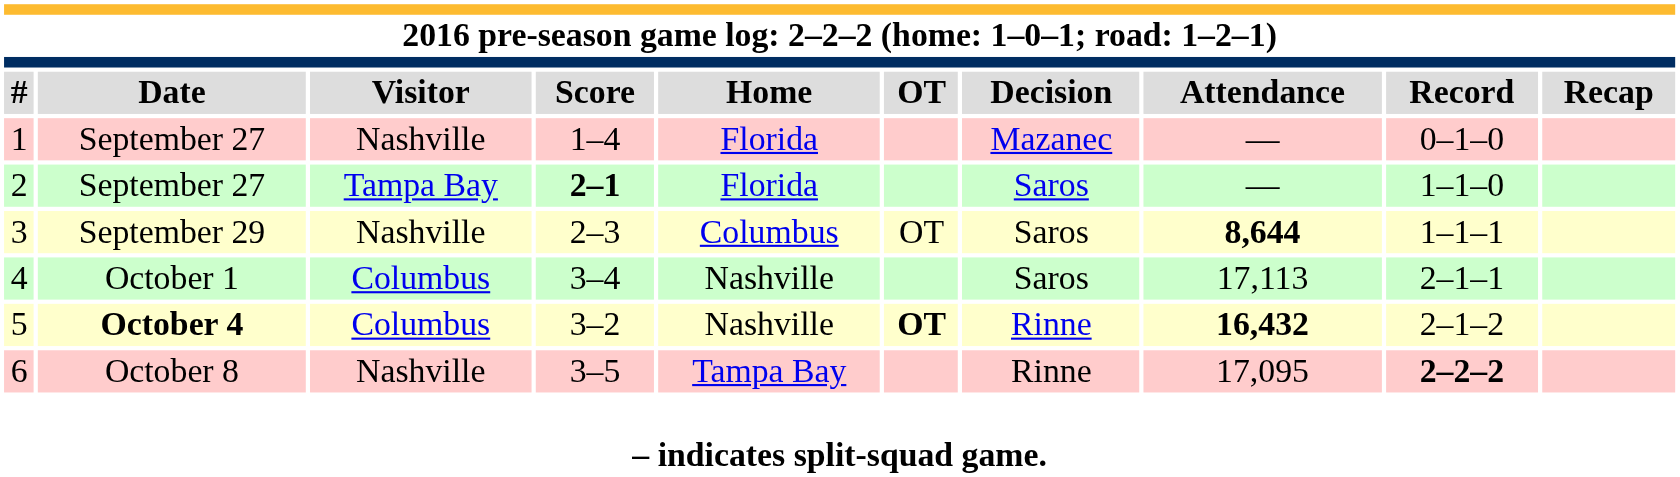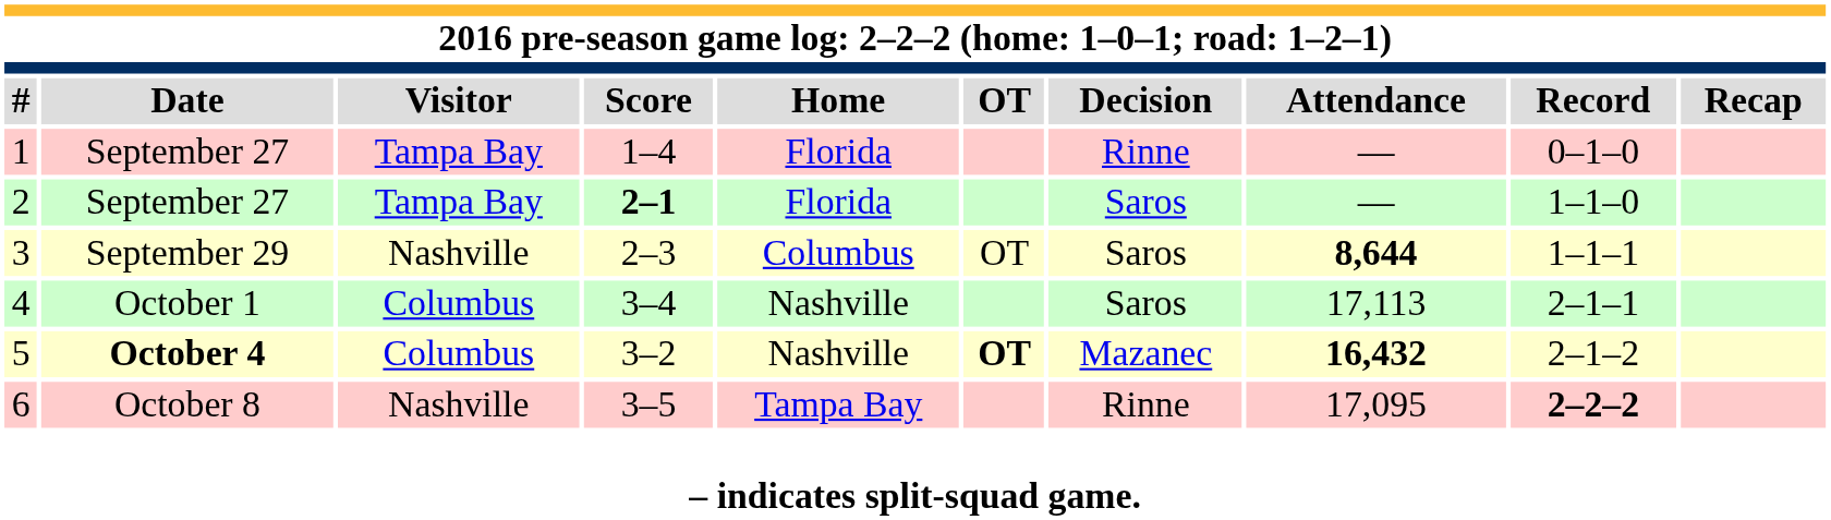 <table class="toccolours collapsible collapsed" style="width:90%; clear:both; margin:1.5em auto; text-align:center;">
 <tr>
 <th colspan=11 style="background:#fff; border-top:#FDBB30 5px solid; border-bottom:#002D62 5px solid;">2016 pre-season game log: 2–2–2 (home: 1–0–1; road: 1–2–1) </th>
 </tr>
 <tr style="background:#ddd;">
 <th>#</th>
 <th>Date</th>
 <th>Visitor</th>
 <th>Score</th>
 <th>Home</th>
 <th>OT</th>
 <th>Decision</th>
 <th>Attendance</th>
 <th>Record</th>
 <th>Recap</th>
 </tr>
 <tr style="background:#fcc;">
 <td>1</td>
 <td>September 27</td>
-<td>Nashville</td>
+<td><a href='#'>Tampa Bay</a></td>
 <td>1–4</td>
 <td><a href='#'>Florida</a></td>
 <td></td>
-<td><a href='#'>Mazanec</a></td>
+<td><a href='#'>Rinne</a></td>
 <td>—</td>
 <td>0–1–0</td>
 <td></td>
 </tr>
 <tr style="background:#cfc;">
 <td>2</td>
 <td>September 27</td>
 <td><a href='#'>Tampa Bay</a></td>
 <td><strong>2–1</strong></td>
 <td><a href='#'>Florida</a></td>
 <td></td>
 <td><a href='#'>Saros</a></td>
 <td>—</td>
 <td>1–1–0</td>
 <td></td>
 </tr>
 <tr style="background:#ffc;">
 <td>3</td>
 <td>September 29</td>
 <td>Nashville</td>
 <td>2–3</td>
 <td><a href='#'>Columbus</a></td>
 <td>OT</td>
 <td>Saros</td>
 <td><strong>8,644</strong></td>
 <td>1–1–1</td>
 <td></td>
 </tr>
 <tr style="background:#cfc;">
 <td>4</td>
 <td>October 1</td>
 <td><a href='#'>Columbus</a></td>
 <td>3–4</td>
 <td>Nashville</td>
 <td></td>
 <td>Saros</td>
 <td>17,113</td>
 <td>2–1–1</td>
 <td></td>
 </tr>
 <tr style="background:#ffc;">
 <td>5</td>
 <td><strong>October 4</strong></td>
 <td><a href='#'>Columbus</a></td>
 <td>3–2</td>
 <td>Nashville</td>
 <td><strong>OT</strong></td>
-<td><a href='#'>Rinne</a></td>
+<td><a href='#'>Mazanec</a></td>
 <td><strong>16,432</strong></td>
 <td>2–1–2</td>
 <td></td>
 </tr>
 <tr style="background:#fcc;">
 <td>6</td>
 <td>October 8</td>
 <td>Nashville</td>
 <td>3–5</td>
 <td><a href='#'>Tampa Bay</a></td>
 <td></td>
 <td>Rinne</td>
 <td>17,095</td>
 <td><strong>2–2–2</strong></td>
 <td></td>
 </tr>
 <tr>
 <th colspan=99><br> – indicates split-squad game.</th>
 </tr>
 </table>
